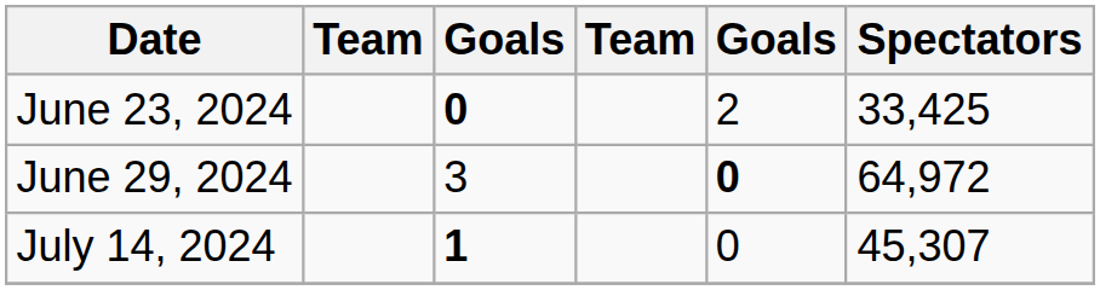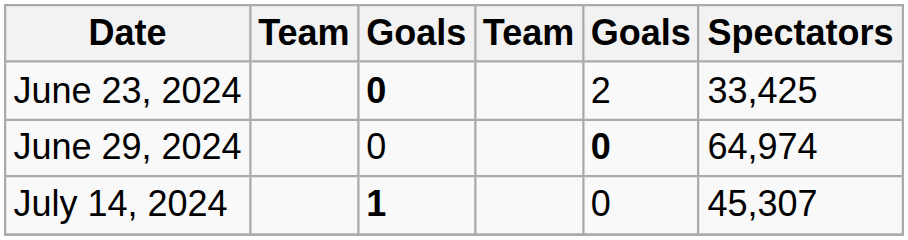 <table class="wikitable" style=font-size:100% style="text-align:center">
 <tr>
 <th style="text-align:center;">Date</th>
 <th style="text-align:center;">Team</th>
 <th style="text-align:center;">Goals</th>
 <th style="text-align:center;">Team</th>
 <th style="text-align:center;">Goals</th>
 <th style="text-align:center;">Spectators</th>
 </tr>
 <tr>
 <td>June 23, 2024</td>
 <td align="left"><strong></strong></td>
 <td><strong>0</strong></td>
 <td align="left"></td>
 <td>2</td>
 <td>33,425</td>
 </tr>
 <tr>
 <td>June 29, 2024</td>
 <td align="left"></td>
-<td>3</td>
+<td>0</td>
 <td align="left"><strong></strong></td>
 <td><strong>0</strong></td>
-<td>64,972</td>
+<td>64,974</td>
 </tr>
 <tr>
 <td>July 14, 2024</td>
 <td align="left"><strong></strong></td>
 <td><strong>1</strong></td>
 <td align="left"></td>
 <td>0</td>
 <td>45,307</td>
 </tr>
 <tr>
 </tr>
 </table>
